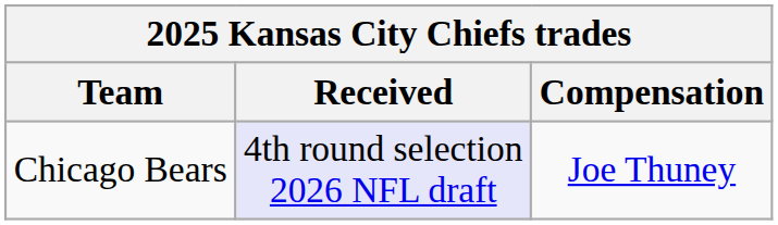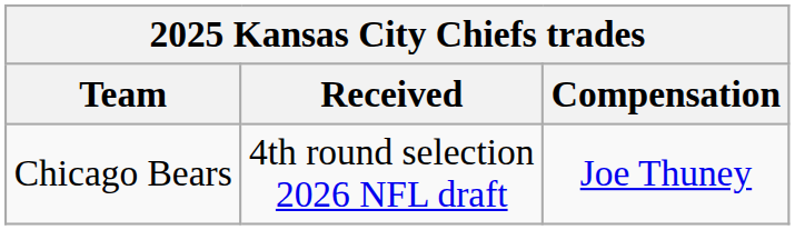 <table class="wikitable" style="text-align:center">
 <tr>
 <th colspan=3>2025 Kansas City Chiefs trades</th>
 </tr>
 <tr>
 <th>Team</th>
 <th>Received</th>
 <th>Compensation</th>
 </tr>
 <tr>
 <td>Chicago Bears</td>
-<td style="background: lavender;">4th round selection<br><a href='#'>2026 NFL draft</a><br></td>
+<td>4th round selection<br><a href='#'>2026 NFL draft</a><br></td>
 <td><a href='#'>Joe Thuney</a></td>
 </tr>
 </table>
